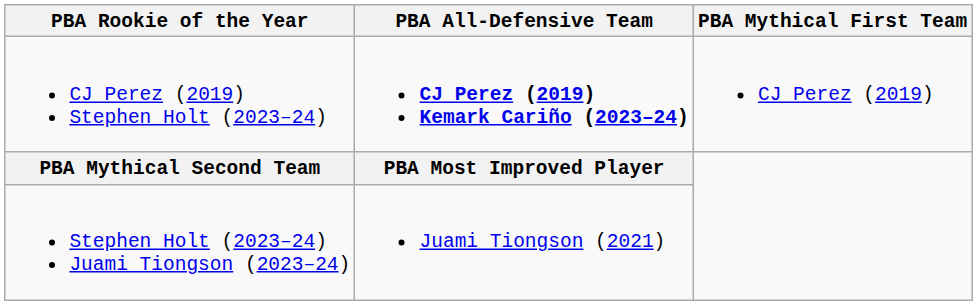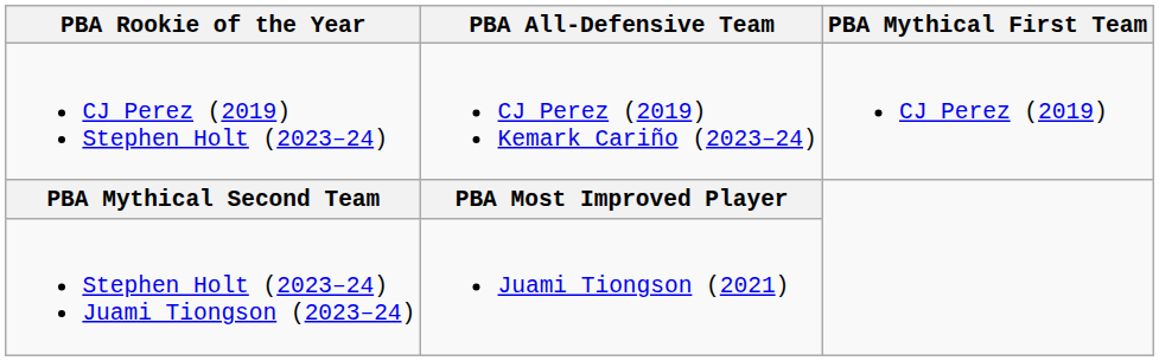 <table class=wikitable>
 <tr>
 <th>PBA Rookie of the Year</th>
 <th>PBA All-Defensive Team</th>
 <th>PBA Mythical First Team</th>
 </tr>
 <tr>
 <td valign="top"><br><ul><li><a href='#'>CJ Perez</a> (<a href='#'>2019</a>)</li><li><a href='#'>Stephen Holt</a> (<a href='#'>2023–24</a>)</li></ul></td>
-<td valign="top"><strong><br><ul><li><a href='#'>CJ Perez</a> (<a href='#'>2019</a>)</li><li><a href='#'>Kemark Cariño</a> (<a href='#'>2023–24</a>)</li></ul></strong></td>
+<td valign="top"><br><ul><li><a href='#'>CJ Perez</a> (<a href='#'>2019</a>)</li><li><a href='#'>Kemark Cariño</a> (<a href='#'>2023–24</a>)</li></ul></td>
 <td valign="top"><br><ul><li><a href='#'>CJ Perez</a> (<a href='#'>2019</a>)</li></ul></td>
 </tr>
 <tr>
 <th>PBA Mythical Second Team</th>
 <th>PBA Most Improved Player</th>
 </tr>
 <tr>
 <td valign="top"><br><ul><li><a href='#'>Stephen Holt</a> (<a href='#'>2023–24</a>)</li><li><a href='#'>Juami Tiongson</a> (<a href='#'>2023–24</a>)</li></ul></td>
 <td valign="top"><br><ul><li><a href='#'>Juami Tiongson</a> (<a href='#'>2021</a>)</li></ul></td>
 </tr>
 </table>
